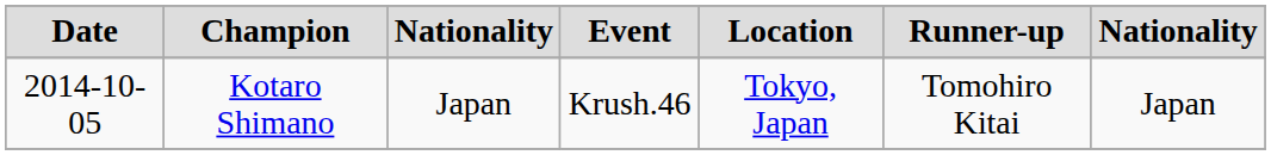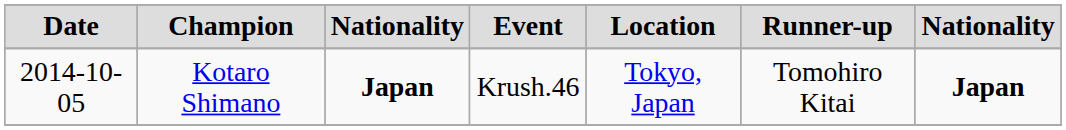 <table class="wikitable" style="text-align:center">
 <tr>
 </tr>
 <tr bgcolor="#dddddd">
 <td><strong>Date</strong></td>
 <td><strong>Champion</strong></td>
 <td><strong>Nationality</strong></td>
 <td><strong>Event</strong></td>
 <td><strong>Location</strong></td>
 <td><strong>Runner-up</strong></td>
 <td><strong>Nationality</strong></td>
 </tr>
 <tr>
 </tr>
 <tr>
 <td>2014-10-05</td>
 <td><a href='#'>Kotaro Shimano</a></td>
-<td> Japan</td>
+<td><strong> Japan</strong></td>
 <td>Krush.46</td>
 <td><a href='#'>Tokyo, Japan</a></td>
 <td>Tomohiro Kitai</td>
-<td> Japan</td>
+<td><strong> Japan</strong></td>
 </tr>
 <tr>
 </tr>
 </table>
